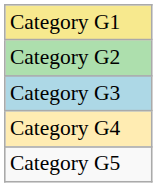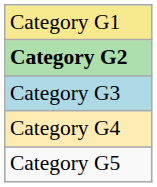 <table class="wikitable" style="font-size:85%;" width=15%>
 <tr bgcolor="#F7E98E">
 <td>Category G1</td>
 </tr>
 <tr bgcolor="#ADDFAD">
-<td>Category G2</td>
+<td><strong>Category G2</strong></td>
 </tr>
 <tr bgcolor="lightblue">
 <td>Category G3</td>
 </tr>
 <tr bgcolor=#ffecb2>
 <td>Category G4</td>
 </tr>
 <tr>
 <td>Category G5</td>
 </tr>
 </table>
